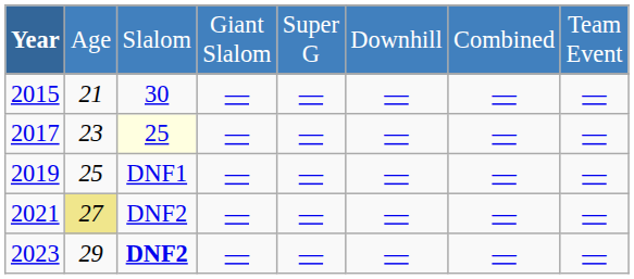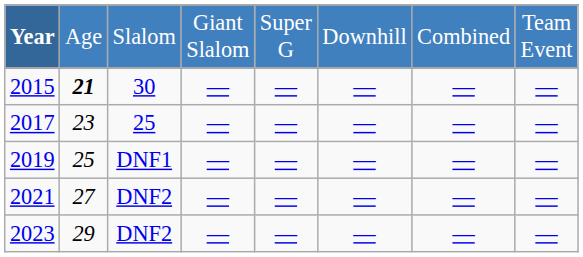 <table class="wikitable" style="font-size:95%; text-align:center; border:grey solid 1px; border-collapse:collapse;" width="45%">
 <tr style="background-color:#369; color:white;">
 <td rowspan="2" colspan="1" width="4%"><strong>Year</strong></td>
 </tr>
 <tr style="background-color:#4180be; color:white;">
 <td width="3%">Age</td>
 <td width="5%">Slalom</td>
 <td width="5%">Giant<br>Slalom</td>
 <td width="5%">Super G</td>
 <td width="5%">Downhill</td>
 <td width="5%">Combined</td>
 <td width="5%">Team Event</td>
 </tr>
 <tr style="background-color:#8CB2D8; color:white;">
 </tr>
 <tr>
 <td><a href='#'>2015</a></td>
-<td><em>21</em></td>
+<td><strong><em>21</em></strong></td>
 <td><a href='#'>30</a></td>
 <td><a href='#'>—</a></td>
 <td><a href='#'>—</a></td>
 <td><a href='#'>—</a></td>
 <td><a href='#'>—</a></td>
 <td><a href='#'>—</a></td>
 </tr>
 <tr>
 <td><a href='#'>2017</a></td>
 <td><em>23</em></td>
-<td style="background: lightyellow;"><a href='#'>25</a></td>
+<td><a href='#'>25</a></td>
 <td><a href='#'>—</a></td>
 <td><a href='#'>—</a></td>
 <td><a href='#'>—</a></td>
 <td><a href='#'>—</a></td>
 <td><a href='#'>—</a></td>
 </tr>
 <tr>
 <td><a href='#'>2019</a></td>
 <td><em>25</em></td>
 <td><a href='#'>DNF1</a></td>
 <td><a href='#'>—</a></td>
 <td><a href='#'>—</a></td>
 <td><a href='#'>—</a></td>
 <td><a href='#'>—</a></td>
 <td><a href='#'>—</a></td>
 </tr>
 <tr>
 <td><a href='#'>2021</a></td>
-<td style="background: khaki;"><em>27</em></td>
+<td><em>27</em></td>
 <td><a href='#'>DNF2</a></td>
 <td><a href='#'>—</a></td>
 <td><a href='#'>—</a></td>
 <td><a href='#'>—</a></td>
 <td><a href='#'>—</a></td>
 <td><a href='#'>—</a></td>
 </tr>
 <tr>
 <td><a href='#'>2023</a></td>
 <td><em>29</em></td>
-<td><strong><a href='#'>DNF2</a></strong></td>
+<td><a href='#'>DNF2</a></td>
 <td><a href='#'>—</a></td>
 <td><a href='#'>—</a></td>
 <td><a href='#'>—</a></td>
 <td><a href='#'>—</a></td>
 <td><a href='#'>—</a></td>
 </tr>
 </table>
